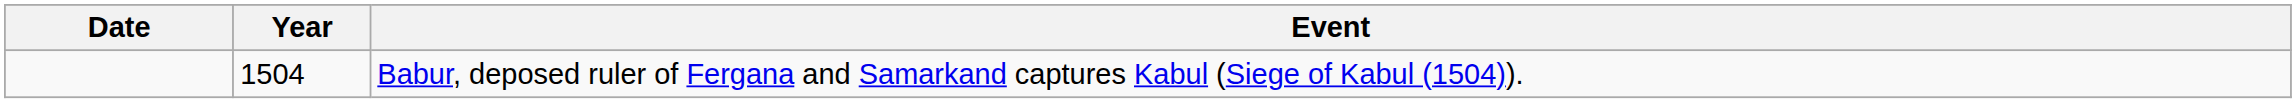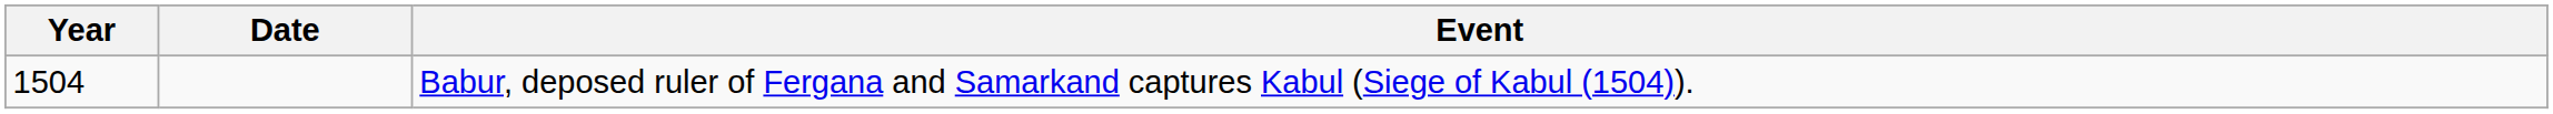 <table class="wikitable" width="100%">
 <tr>
+<th style="width:6%">Year</th>
 <th style="width:10%">Date</th>
-<th style="width:6%">Year</th>
 <th>Event</th>
 </tr>
 <tr>
+<td>1504</td>
 <td></td>
-<td>1504</td>
 <td><a href='#'>Babur</a>, deposed ruler of <a href='#'>Fergana</a> and <a href='#'>Samarkand</a> captures <a href='#'>Kabul</a> (<a href='#'>Siege of Kabul (1504)</a>).</td>
 </tr>
 </table>
